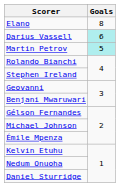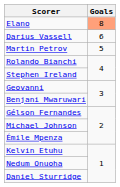 <table class="wikitable">
 <tr>
 <th>Scorer</th>
 <th>Goals</th>
 </tr>
 <tr>
 <td> <a href='#'>Elano</a></td>
-<td align=center>8</td>
+<td align=center style="background: lightsalmon;">8</td>
 </tr>
 <tr>
 <td> <a href='#'>Darius Vassell</a></td>
-<td align=center style="background: paleturquoise;">6</td>
+<td align=center>6</td>
 </tr>
 <tr>
 <td> <a href='#'>Martin Petrov</a></td>
-<td align=center style="background: paleturquoise;">5</td>
+<td align=center>5</td>
 </tr>
 <tr>
 <td> <a href='#'>Rolando Bianchi</a></td>
 <td rowspan="2" align=center>4</td>
 </tr>
 <tr>
 <td> <a href='#'>Stephen Ireland</a></td>
 </tr>
 <tr>
 <td> <a href='#'>Geovanni</a></td>
 <td rowspan="2" align=center>3</td>
 </tr>
 <tr>
 <td> <a href='#'>Benjani Mwaruwari</a></td>
 </tr>
 <tr>
 <td> <a href='#'>Gélson Fernandes</a></td>
 <td rowspan="3" align=center>2</td>
 </tr>
 <tr>
 <td> <a href='#'>Michael Johnson</a></td>
 </tr>
 <tr>
 <td> <a href='#'>Émile Mpenza</a></td>
 </tr>
 <tr>
 <td> <a href='#'>Kelvin Etuhu</a></td>
 <td rowspan="3" align=center>1</td>
 </tr>
 <tr>
 <td> <a href='#'>Nedum Onuoha</a></td>
 </tr>
 <tr>
 <td> <a href='#'>Daniel Sturridge</a></td>
 </tr>
 </table>
